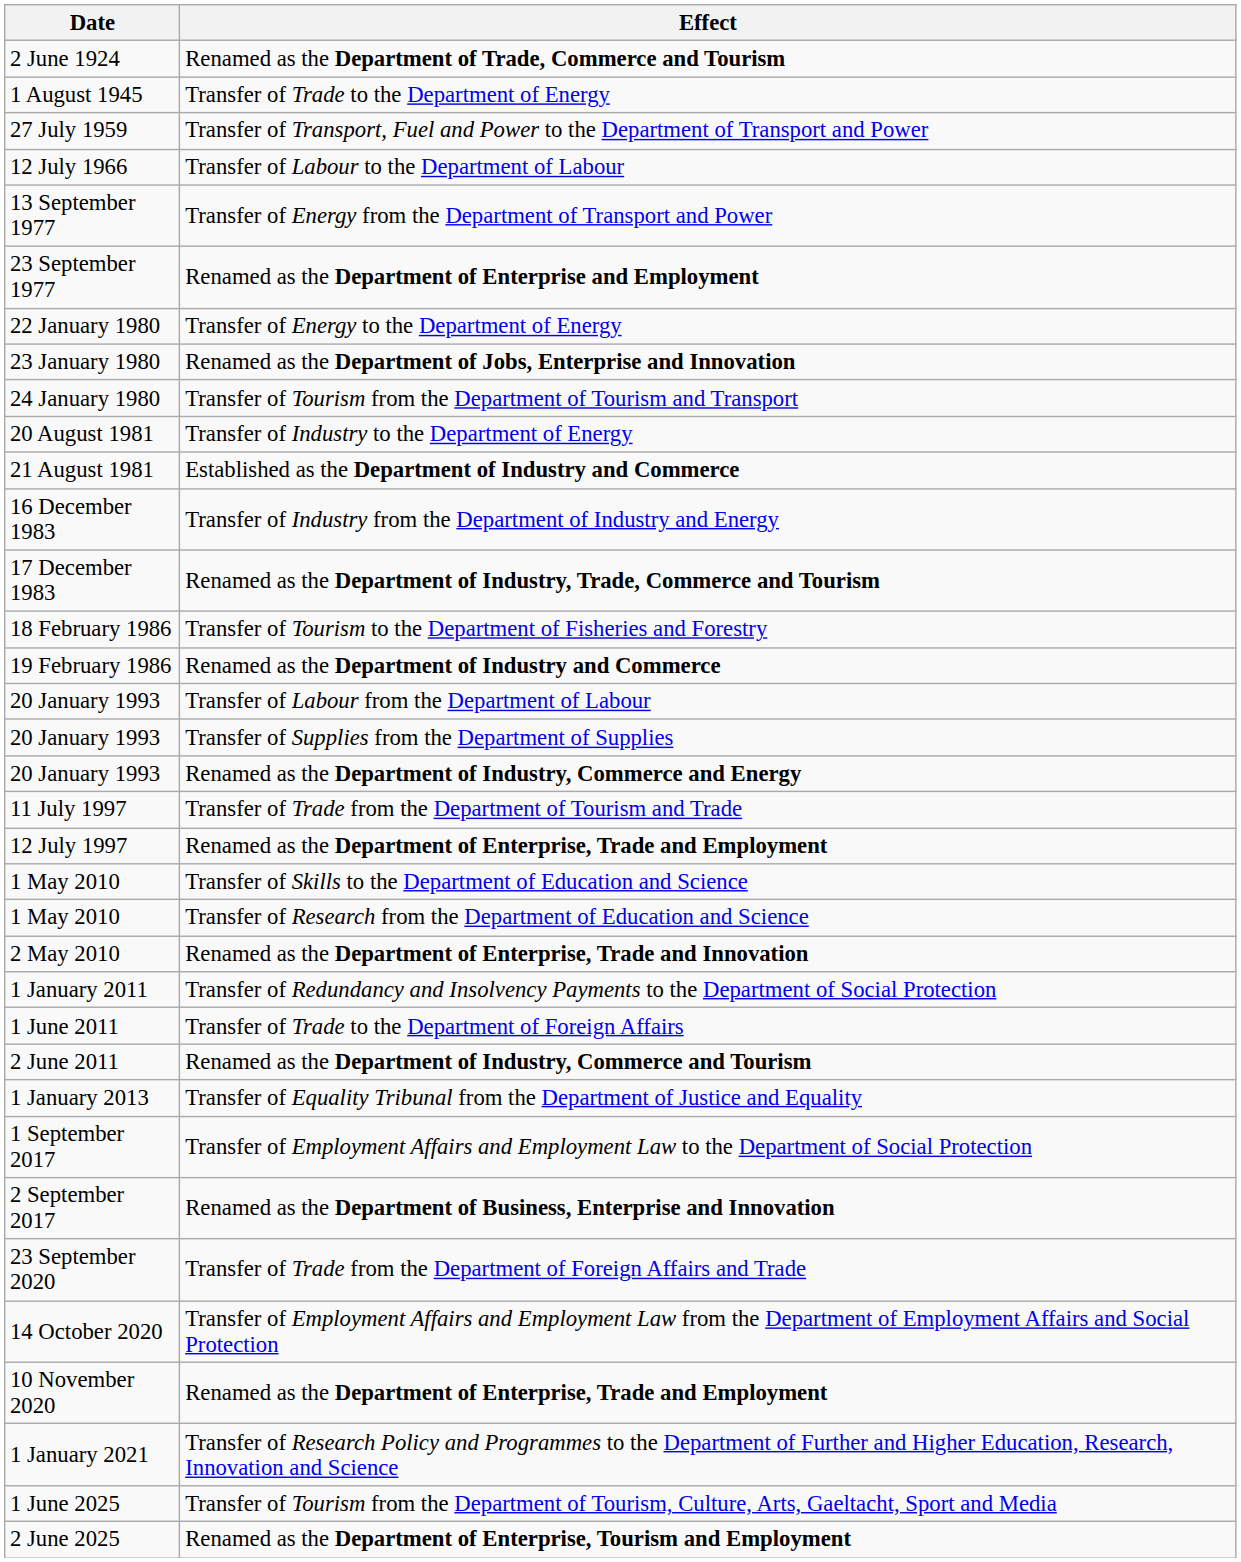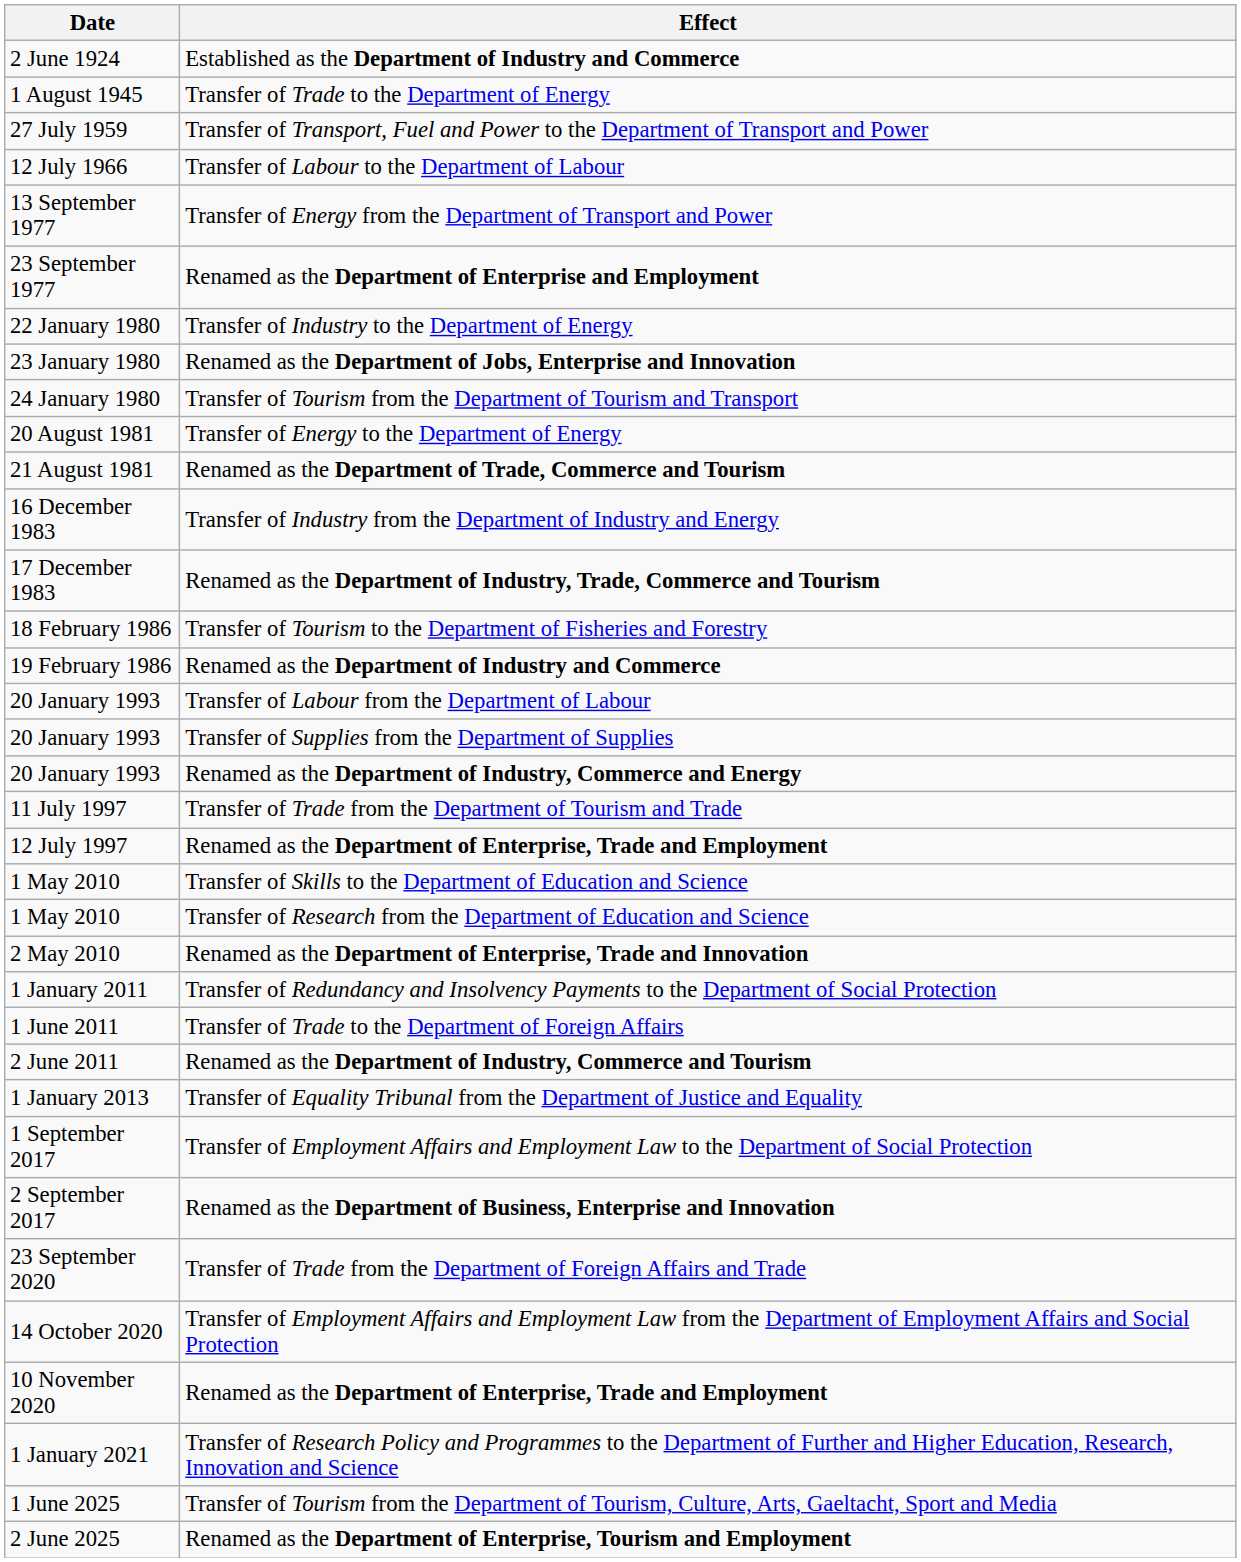 <table class="wikitable">
 <tr>
 <th>Date</th>
 <th>Effect</th>
 </tr>
 <tr>
 <td>2 June 1924</td>
-<td>Renamed as the <strong>Department of Trade, Commerce and Tourism</strong></td>
+<td>Established as the <strong>Department of Industry and Commerce</strong></td>
 </tr>
 <tr>
 <td>1 August 1945</td>
 <td>Transfer of <em>Trade</em> to the <a href='#'>Department of Energy</a></td>
 </tr>
 <tr>
 <td>27 July 1959</td>
 <td>Transfer of <em>Transport, Fuel and Power</em> to the <a href='#'>Department of Transport and Power</a></td>
 </tr>
 <tr>
 <td>12 July 1966</td>
 <td>Transfer of <em>Labour</em> to the <a href='#'>Department of Labour</a></td>
 </tr>
 <tr>
 <td>13 September 1977</td>
 <td>Transfer of <em>Energy</em> from the <a href='#'>Department of Transport and Power</a></td>
 </tr>
 <tr>
 <td>23 September 1977</td>
 <td>Renamed as the <strong>Department of Enterprise and Employment</strong></td>
 </tr>
 <tr>
 <td>22 January 1980</td>
-<td>Transfer of <em>Energy</em> to the <a href='#'>Department of Energy</a></td>
+<td>Transfer of <em>Industry</em> to the <a href='#'>Department of Energy</a></td>
 </tr>
 <tr>
 <td>23 January 1980</td>
 <td>Renamed as the <strong>Department of Jobs, Enterprise and Innovation</strong></td>
 </tr>
 <tr>
 <td>24 January 1980</td>
 <td>Transfer of <em>Tourism</em> from the <a href='#'>Department of Tourism and Transport</a></td>
 </tr>
 <tr>
 <td>20 August 1981</td>
-<td>Transfer of <em>Industry</em> to the <a href='#'>Department of Energy</a></td>
+<td>Transfer of <em>Energy</em> to the <a href='#'>Department of Energy</a></td>
 </tr>
 <tr>
 <td>21 August 1981</td>
-<td>Established as the <strong>Department of Industry and Commerce</strong></td>
+<td>Renamed as the <strong>Department of Trade, Commerce and Tourism</strong></td>
 </tr>
 <tr>
 <td>16 December 1983</td>
 <td>Transfer of <em>Industry</em> from the <a href='#'>Department of Industry and Energy</a></td>
 </tr>
 <tr>
 <td>17 December 1983</td>
 <td>Renamed as the <strong>Department of Industry, Trade, Commerce and Tourism</strong></td>
 </tr>
 <tr>
 <td>18 February 1986</td>
 <td>Transfer of <em>Tourism</em> to the <a href='#'>Department of Fisheries and Forestry</a></td>
 </tr>
 <tr>
 <td>19 February 1986</td>
 <td>Renamed as the <strong>Department of Industry and Commerce</strong></td>
 </tr>
 <tr>
 <td>20 January 1993</td>
 <td>Transfer of <em>Labour</em> from the <a href='#'>Department of Labour</a></td>
 </tr>
 <tr>
 <td>20 January 1993</td>
 <td>Transfer of <em>Supplies</em> from the <a href='#'>Department of Supplies</a></td>
 </tr>
 <tr>
 <td>20 January 1993</td>
 <td>Renamed as the <strong>Department of Industry, Commerce and Energy</strong></td>
 </tr>
 <tr>
 <td>11 July 1997</td>
 <td>Transfer of <em>Trade</em> from the <a href='#'>Department of Tourism and Trade</a></td>
 </tr>
 <tr>
 <td>12 July 1997</td>
 <td>Renamed as the <strong>Department of Enterprise, Trade and Employment</strong></td>
 </tr>
 <tr>
 <td>1 May 2010</td>
 <td>Transfer of <em>Skills</em> to the <a href='#'>Department of Education and Science</a></td>
 </tr>
 <tr>
 <td>1 May 2010</td>
 <td>Transfer of <em>Research</em> from the <a href='#'>Department of Education and Science</a></td>
 </tr>
 <tr>
 <td>2 May 2010</td>
 <td>Renamed as the <strong>Department of Enterprise, Trade and Innovation</strong></td>
 </tr>
 <tr>
 <td>1 January 2011</td>
 <td>Transfer of <em>Redundancy and Insolvency Payments</em> to the <a href='#'>Department of Social Protection</a></td>
 </tr>
 <tr>
 <td>1 June 2011</td>
 <td>Transfer of <em>Trade</em> to the <a href='#'>Department of Foreign Affairs</a></td>
 </tr>
 <tr>
 <td>2 June 2011</td>
 <td>Renamed as the <strong>Department of Industry, Commerce and Tourism</strong></td>
 </tr>
 <tr>
 <td>1 January 2013</td>
 <td>Transfer of <em>Equality Tribunal</em> from the <a href='#'>Department of Justice and Equality</a></td>
 </tr>
 <tr>
 <td>1 September 2017</td>
 <td>Transfer of <em>Employment Affairs and Employment Law</em> to the <a href='#'>Department of Social Protection</a></td>
 </tr>
 <tr>
 <td>2 September 2017</td>
 <td>Renamed as the <strong>Department of Business, Enterprise and Innovation</strong></td>
 </tr>
 <tr>
 <td>23 September 2020</td>
 <td>Transfer of <em>Trade</em> from the <a href='#'>Department of Foreign Affairs and Trade</a></td>
 </tr>
 <tr>
 <td>14 October 2020</td>
 <td>Transfer of <em>Employment Affairs and Employment Law</em> from the <a href='#'>Department of Employment Affairs and Social Protection</a></td>
 </tr>
 <tr>
 <td>10 November 2020</td>
 <td>Renamed as the <strong>Department of Enterprise, Trade and Employment</strong></td>
 </tr>
 <tr>
 <td>1 January 2021</td>
 <td>Transfer of <em>Research Policy and Programmes</em> to the <a href='#'>Department of Further and Higher Education, Research, Innovation and Science</a></td>
 </tr>
 <tr>
 <td>1 June 2025</td>
 <td>Transfer of <em>Tourism</em> from the <a href='#'>Department of Tourism, Culture, Arts, Gaeltacht, Sport and Media</a></td>
 </tr>
 <tr>
 <td>2 June 2025</td>
 <td>Renamed as the <strong>Department of Enterprise, Tourism and Employment</strong></td>
 </tr>
 </table>
